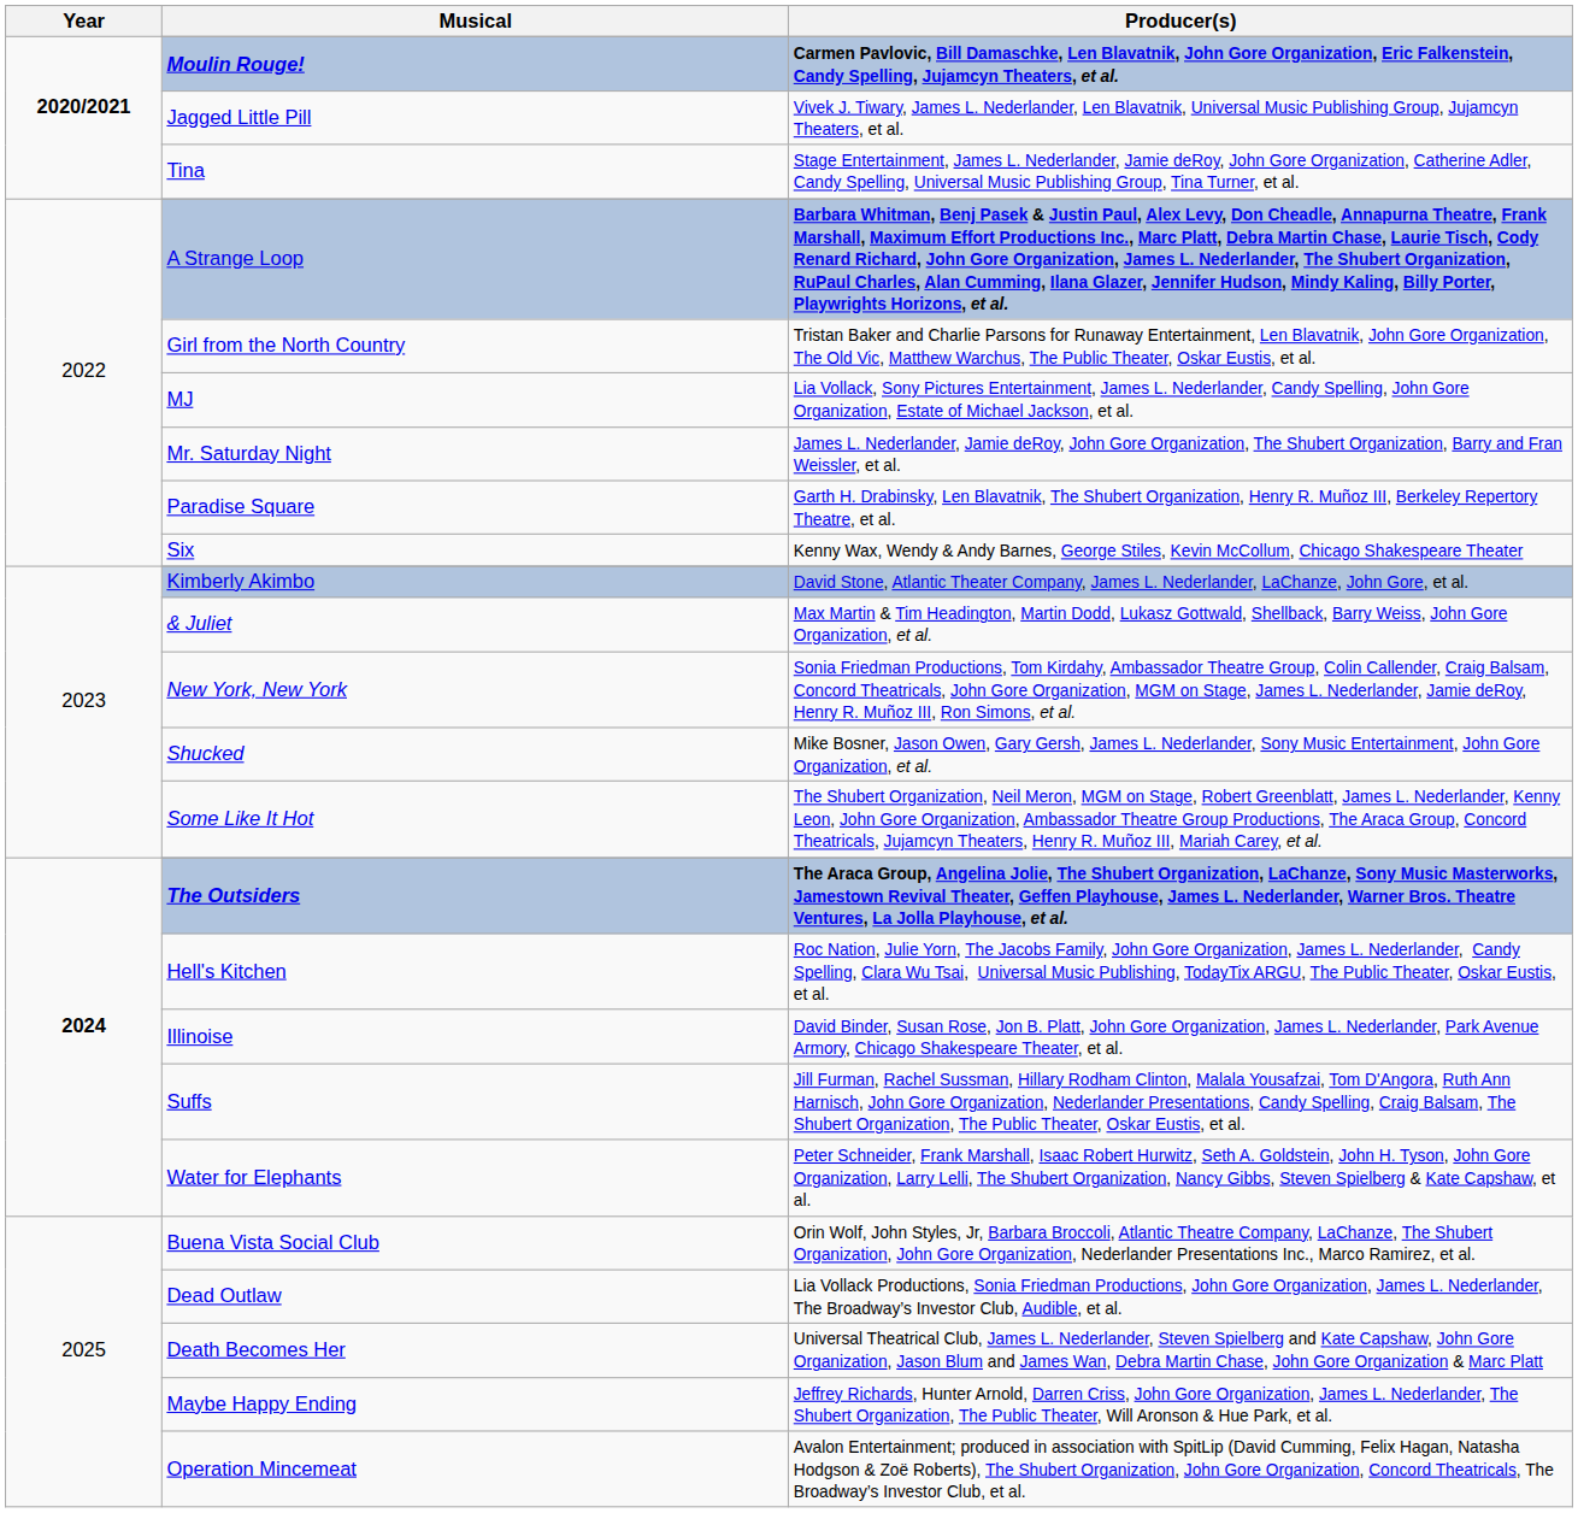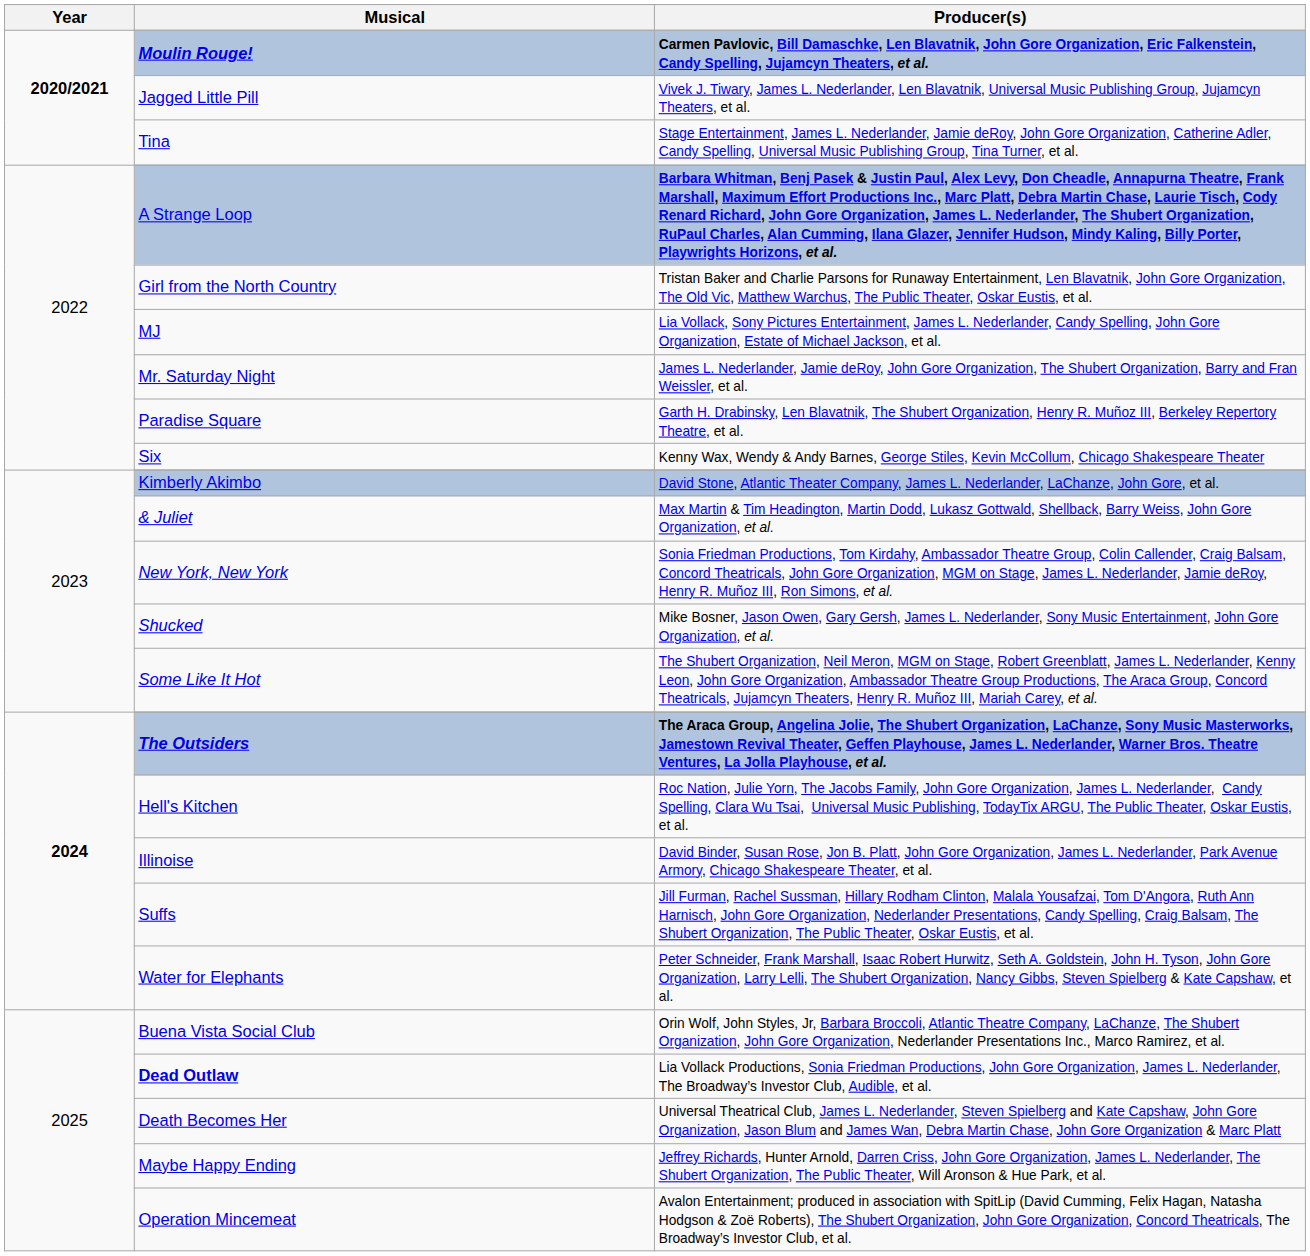 <table class="wikitable" style="width:100%;">
 <tr style="background:#bebebe;">
 <th style="width:10%;">Year</th>
 <th style="width:40%;">Musical</th>
 <th style="width:50%;">Producer(s)</th>
 </tr>
 <tr>
 <td rowspan="4" align="center"><strong>2020/2021</strong><br><br></td>
 </tr>
 <tr style="background:#B0C4DE">
 <td><em><a href='#'><strong>Moulin Rouge!</strong></a></em><br><strong></strong></td>
 <td><small><strong>Carmen Pavlovic, <a href='#'>Bill Damaschke</a>, <a href='#'>Len Blavatnik</a>, <a href='#'>John Gore Organization</a>, <a href='#'>Eric Falkenstein</a>, <a href='#'>Candy Spelling</a>, <a href='#'>Jujamcyn Theaters</a>, <em>et al.<strong><em></small></td>
 </tr>
 <tr>
 <td></em><a href='#'>Jagged Little Pill</a><em><br></td>
 <td><small><a href='#'>Vivek J. Tiwary</a>, <a href='#'>James L. Nederlander</a>, <a href='#'>Len Blavatnik</a>, <a href='#'>Universal Music Publishing Group</a>, <a href='#'>Jujamcyn Theaters</a>, </em>et al.<em></small></td>
 </tr>
 <tr>
 <td></em><a href='#'>Tina</a><em><br></td>
 <td><small><a href='#'>Stage Entertainment</a>, <a href='#'>James L. Nederlander</a>, <a href='#'>Jamie deRoy</a>, <a href='#'>John Gore Organization</a>, <a href='#'>Catherine Adler</a>, <a href='#'>Candy Spelling</a>, <a href='#'>Universal Music Publishing Group</a>, <a href='#'>Tina Turner</a>, </em>et al.<em></small></td>
 </tr>
 <tr>
 <td rowspan="7" align="center"></strong>2022<strong><br><br></td>
 </tr>
 <tr style="background:#B0C4DE">
 <td></em></strong><a href='#'>A Strange Loop</a></em> </strong><br><strong></strong></td>
 <td><small><strong><a href='#'>Barbara Whitman</a>, <a href='#'>Benj Pasek</a> & <a href='#'>Justin Paul</a>, <a href='#'>Alex Levy</a>, <a href='#'>Don Cheadle</a>, <a href='#'>Annapurna Theatre</a>, <a href='#'>Frank Marshall</a>, <a href='#'>Maximum Effort Productions Inc.</a>, <a href='#'>Marc Platt</a>, <a href='#'>Debra Martin Chase</a>, <a href='#'>Laurie Tisch</a>, <a href='#'>Cody Renard Richard</a>, <a href='#'>John Gore Organization</a>, <a href='#'>James L. Nederlander</a>, <a href='#'>The Shubert Organization</a>, <a href='#'>RuPaul Charles</a>, <a href='#'>Alan Cumming</a>, <a href='#'>Ilana Glazer</a>, <a href='#'>Jennifer Hudson</a>, <a href='#'>Mindy Kaling</a>, <a href='#'>Billy Porter</a>, <a href='#'>Playwrights Horizons</a>, <em>et al.<strong><em></small></td>
 </tr>
 <tr>
 <td></em><a href='#'>Girl from the North Country</a><em><br></td>
 <td><small>Tristan Baker and Charlie Parsons for Runaway Entertainment, <a href='#'>Len Blavatnik</a>, <a href='#'>John Gore Organization</a>, <a href='#'>The Old Vic</a>, <a href='#'>Matthew Warchus</a>, <a href='#'>The Public Theater</a>, <a href='#'>Oskar Eustis</a>, </em>et al.<em></small></td>
 </tr>
 <tr>
 <td></em><a href='#'>MJ</a><em><br></td>
 <td><small><a href='#'>Lia Vollack</a>, <a href='#'>Sony Pictures Entertainment</a>, <a href='#'>James L. Nederlander</a>, <a href='#'>Candy Spelling</a>, <a href='#'>John Gore Organization</a>, <a href='#'>Estate of Michael Jackson</a>, </em>et al.<em></small></td>
 </tr>
 <tr>
 <td></em><a href='#'>Mr. Saturday Night</a><em><br></td>
 <td><small><a href='#'>James L. Nederlander</a>, <a href='#'>Jamie deRoy</a>, <a href='#'>John Gore Organization</a>, <a href='#'>The Shubert Organization</a>, <a href='#'>Barry and Fran Weissler</a>, </em>et al.<em></small></td>
 </tr>
 <tr>
 <td></em><a href='#'>Paradise Square</a><em><br></td>
 <td><small><a href='#'>Garth H. Drabinsky</a>, <a href='#'>Len Blavatnik</a>, <a href='#'>The Shubert Organization</a>, <a href='#'>Henry R. Muñoz III</a>, <a href='#'>Berkeley Repertory Theatre</a>, </em>et al.<em></small></td>
 </tr>
 <tr>
 <td></em><a href='#'>Six</a><em><br></td>
 <td><small>Kenny Wax, Wendy & Andy Barnes, <a href='#'>George Stiles</a>, <a href='#'>Kevin McCollum</a>, <a href='#'>Chicago Shakespeare Theater</a></small></td>
 </tr>
 <tr>
 <td rowspan="6" align="center"></strong>2023<strong><br><br></td>
 </tr>
 <tr style="background:#B0C4DE">
 <td></em><a href='#'></strong>Kimberly Akimbo<strong></a><em><br></strong><strong></td>
 <td><small></strong><a href='#'>David Stone</a>, <a href='#'>Atlantic Theater Company</a>, <a href='#'>James L. Nederlander</a>, <a href='#'>LaChanze</a>, <a href='#'>John Gore</a>, </em>et al.</em></strong></small></td>
 </tr>
 <tr>
 <td><em><a href='#'>& Juliet</a></em><br></td>
 <td><small><a href='#'>Max Martin</a> & <a href='#'>Tim Headington</a>, <a href='#'>Martin Dodd</a>, <a href='#'>Lukasz Gottwald</a>, <a href='#'>Shellback</a>, <a href='#'>Barry Weiss</a>, <a href='#'>John Gore Organization</a>, <em>et al.</em></small></td>
 </tr>
 <tr>
 <td><em><a href='#'>New York, New York</a></em><br></td>
 <td><small><a href='#'>Sonia Friedman Productions</a>, <a href='#'>Tom Kirdahy</a>, <a href='#'>Ambassador Theatre Group</a>, <a href='#'>Colin Callender</a>, <a href='#'>Craig Balsam</a>, <a href='#'>Concord Theatricals</a>, <a href='#'>John Gore Organization</a>, <a href='#'>MGM on Stage</a>, <a href='#'>James L. Nederlander</a>, <a href='#'>Jamie deRoy</a>, <a href='#'>Henry R. Muñoz III</a>, <a href='#'>Ron Simons</a>, <em>et al.</em></small></td>
 </tr>
 <tr>
 <td><em><a href='#'>Shucked</a></em><br></td>
 <td><small>Mike Bosner, <a href='#'>Jason Owen</a>, <a href='#'>Gary Gersh</a>, <a href='#'>James L. Nederlander</a>, <a href='#'>Sony Music Entertainment</a>, <a href='#'>John Gore Organization</a>, <em>et al.</em></small></td>
 </tr>
 <tr>
 <td><em><a href='#'>Some Like It Hot</a></em><br></td>
 <td><small><a href='#'>The Shubert Organization</a>, <a href='#'>Neil Meron</a>, <a href='#'>MGM on Stage</a>, <a href='#'>Robert Greenblatt</a>, <a href='#'>James L. Nederlander</a>, <a href='#'>Kenny Leon</a>, <a href='#'>John Gore Organization</a>, <a href='#'>Ambassador Theatre Group Productions</a>, <a href='#'>The Araca Group</a>, <a href='#'>Concord Theatricals</a>, <a href='#'>Jujamcyn Theaters</a>, <a href='#'>Henry R. Muñoz III</a>, <a href='#'>Mariah Carey</a>, <em>et al.</em></small></td>
 </tr>
 <tr>
 <td rowspan="6" align="center"><strong>2024</strong><br><br></td>
 </tr>
 <tr style="background:#B0C4DE">
 <td><em><a href='#'> <strong>The Outsiders</strong></a></em><br><strong></strong></td>
 <td><small><strong>The Araca Group, <a href='#'>Angelina Jolie</a>, <a href='#'>The Shubert Organization</a>, <a href='#'>LaChanze</a>, <a href='#'>Sony Music Masterworks</a>, <a href='#'>Jamestown Revival Theater</a>, <a href='#'>Geffen Playhouse</a>, <a href='#'>James L. Nederlander</a>, <a href='#'>Warner Bros. Theatre Ventures</a>, <a href='#'>La Jolla Playhouse</a>, <em>et al.<strong><em></small></td>
 </tr>
 <tr>
 <td></em><a href='#'>Hell's Kitchen</a><em><br></td>
 <td><small><a href='#'>Roc Nation</a>, <a href='#'>Julie Yorn</a>, <a href='#'>The Jacobs Family</a>, <a href='#'>John Gore Organization</a>, <a href='#'>James L. Nederlander</a>,  <a href='#'>Candy Spelling</a>, <a href='#'>Clara Wu Tsai</a>,  <a href='#'>Universal Music Publishing</a>, <a href='#'>TodayTix ARGU</a>, <a href='#'>The Public Theater</a>, <a href='#'>Oskar Eustis</a>, </em>et al.<em></small></td>
 </tr>
 <tr>
 <td></em><a href='#'>Illinoise</a><em><br></td>
 <td><small><a href='#'>David Binder</a>, <a href='#'>Susan Rose</a>, <a href='#'>Jon B. Platt</a>, <a href='#'>John Gore Organization</a>, <a href='#'>James L. Nederlander</a>, <a href='#'>Park Avenue Armory</a>, <a href='#'>Chicago Shakespeare Theater</a>, </em>et al.<em></small></td>
 </tr>
 <tr>
 <td></em><a href='#'>Suffs</a><em><br></td>
 <td><small><a href='#'>Jill Furman</a>, <a href='#'>Rachel Sussman</a>, <a href='#'>Hillary Rodham Clinton</a>, <a href='#'>Malala Yousafzai</a>, <a href='#'>Tom D'Angora</a>, <a href='#'>Ruth Ann Harnisch</a>, <a href='#'>John Gore Organization</a>, <a href='#'>Nederlander Presentations</a>, <a href='#'>Candy Spelling</a>, <a href='#'>Craig Balsam</a>, <a href='#'>The Shubert Organization</a>, <a href='#'>The Public Theater</a>, <a href='#'>Oskar Eustis</a>, </em>et al.<em></small></td>
 </tr>
 <tr>
 <td></em><a href='#'>Water for Elephants</a><em><br></td>
 <td><small><a href='#'>Peter Schneider</a>, <a href='#'>Frank Marshall</a>, <a href='#'>Isaac Robert Hurwitz</a>, <a href='#'>Seth A. Goldstein</a>, <a href='#'>John H. Tyson</a>, <a href='#'>John Gore Organization</a>, <a href='#'>Larry Lelli</a>, <a href='#'>The Shubert Organization</a>, <a href='#'>Nancy Gibbs</a>, <a href='#'>Steven Spielberg</a> & <a href='#'>Kate Capshaw</a>, </em>et al.<em></small></td>
 </tr>
 <tr>
 <td rowspan="5" align="center"></strong>2025<strong><br><br></td>
 <td></em><a href='#'>Buena Vista Social Club</a><em><br></td>
 <td><small>Orin Wolf, John Styles, Jr, <a href='#'>Barbara Broccoli</a>, <a href='#'>Atlantic Theatre Company</a>, <a href='#'>LaChanze</a>, <a href='#'>The Shubert Organization</a>, <a href='#'>John Gore Organization</a>, Nederlander Presentations Inc., Marco Ramirez,  </em>et al.<em></small></td>
 </tr>
 <tr>
-<td></em><a href='#'>Dead Outlaw</a><em><br></td>
+<td><strong></em><a href='#'>Dead Outlaw</a><em><br></strong></td>
 <td><small>Lia Vollack Productions, <a href='#'>Sonia Friedman Productions</a>, <a href='#'>John Gore Organization</a>, <a href='#'>James L. Nederlander</a>, The Broadway’s Investor Club, <a href='#'>Audible</a>, </em>et al.<em></small></td>
 </tr>
 <tr>
 <td></em><a href='#'>Death Becomes Her</a><em><br></td>
 <td><small>Universal Theatrical Club, <a href='#'>James L. Nederlander</a>, <a href='#'>Steven Spielberg</a> and <a href='#'>Kate Capshaw</a>, <a href='#'>John Gore Organization</a>, <a href='#'>Jason Blum</a> and <a href='#'>James Wan</a>, <a href='#'>Debra Martin Chase</a>, <a href='#'>John Gore Organization</a> & <a href='#'>Marc Platt</a></small></td>
 </tr>
 <tr>
 <td></em><a href='#'>Maybe Happy Ending</a><em><br></td>
 <td><small><a href='#'>Jeffrey Richards</a>, Hunter Arnold, <a href='#'>Darren Criss</a>, <a href='#'>John Gore Organization</a>, <a href='#'>James L. Nederlander</a>, <a href='#'>The Shubert Organization</a>, <a href='#'>The Public Theater</a>, Will Aronson & Hue Park, </em>et al.<em></small></td>
 </tr>
 <tr>
 <td></em><a href='#'>Operation Mincemeat</a><em><br></td>
 <td><small>Avalon Entertainment; produced in association with SpitLip (David Cumming, Felix Hagan, Natasha Hodgson & Zoë Roberts), <a href='#'>The Shubert Organization</a>, <a href='#'>John Gore Organization</a>, <a href='#'>Concord Theatricals</a>, The Broadway’s Investor Club, </em>et al.<em></small></td>
 </tr>
 </table>
